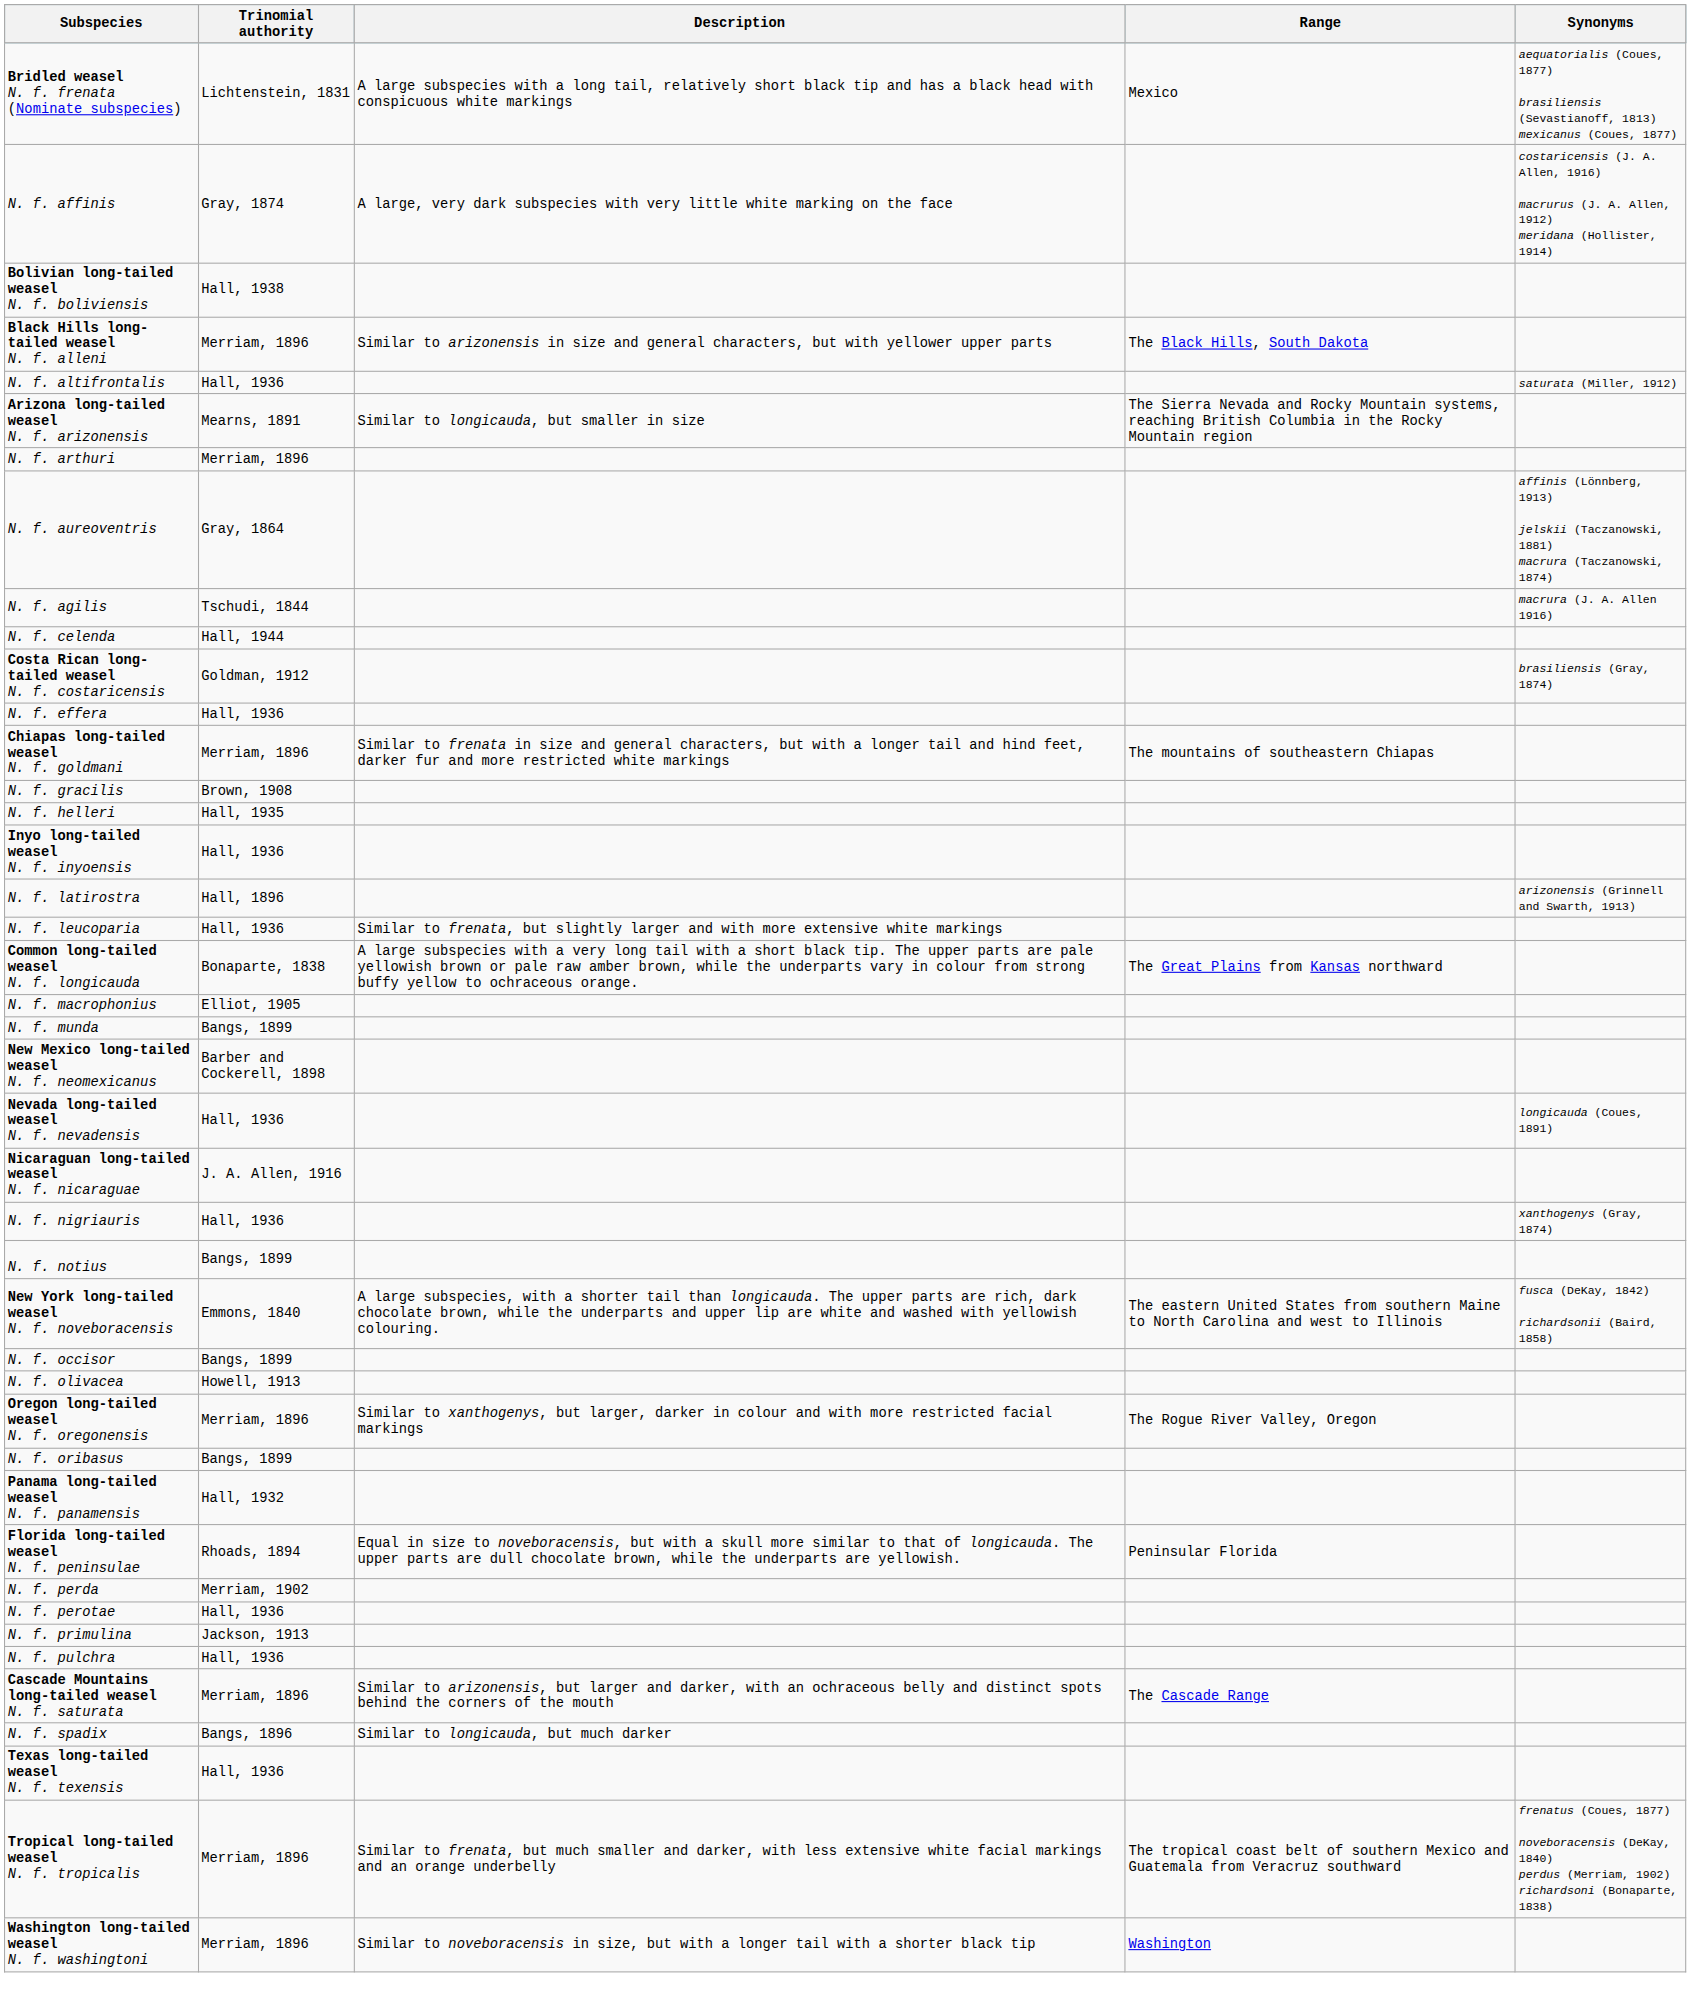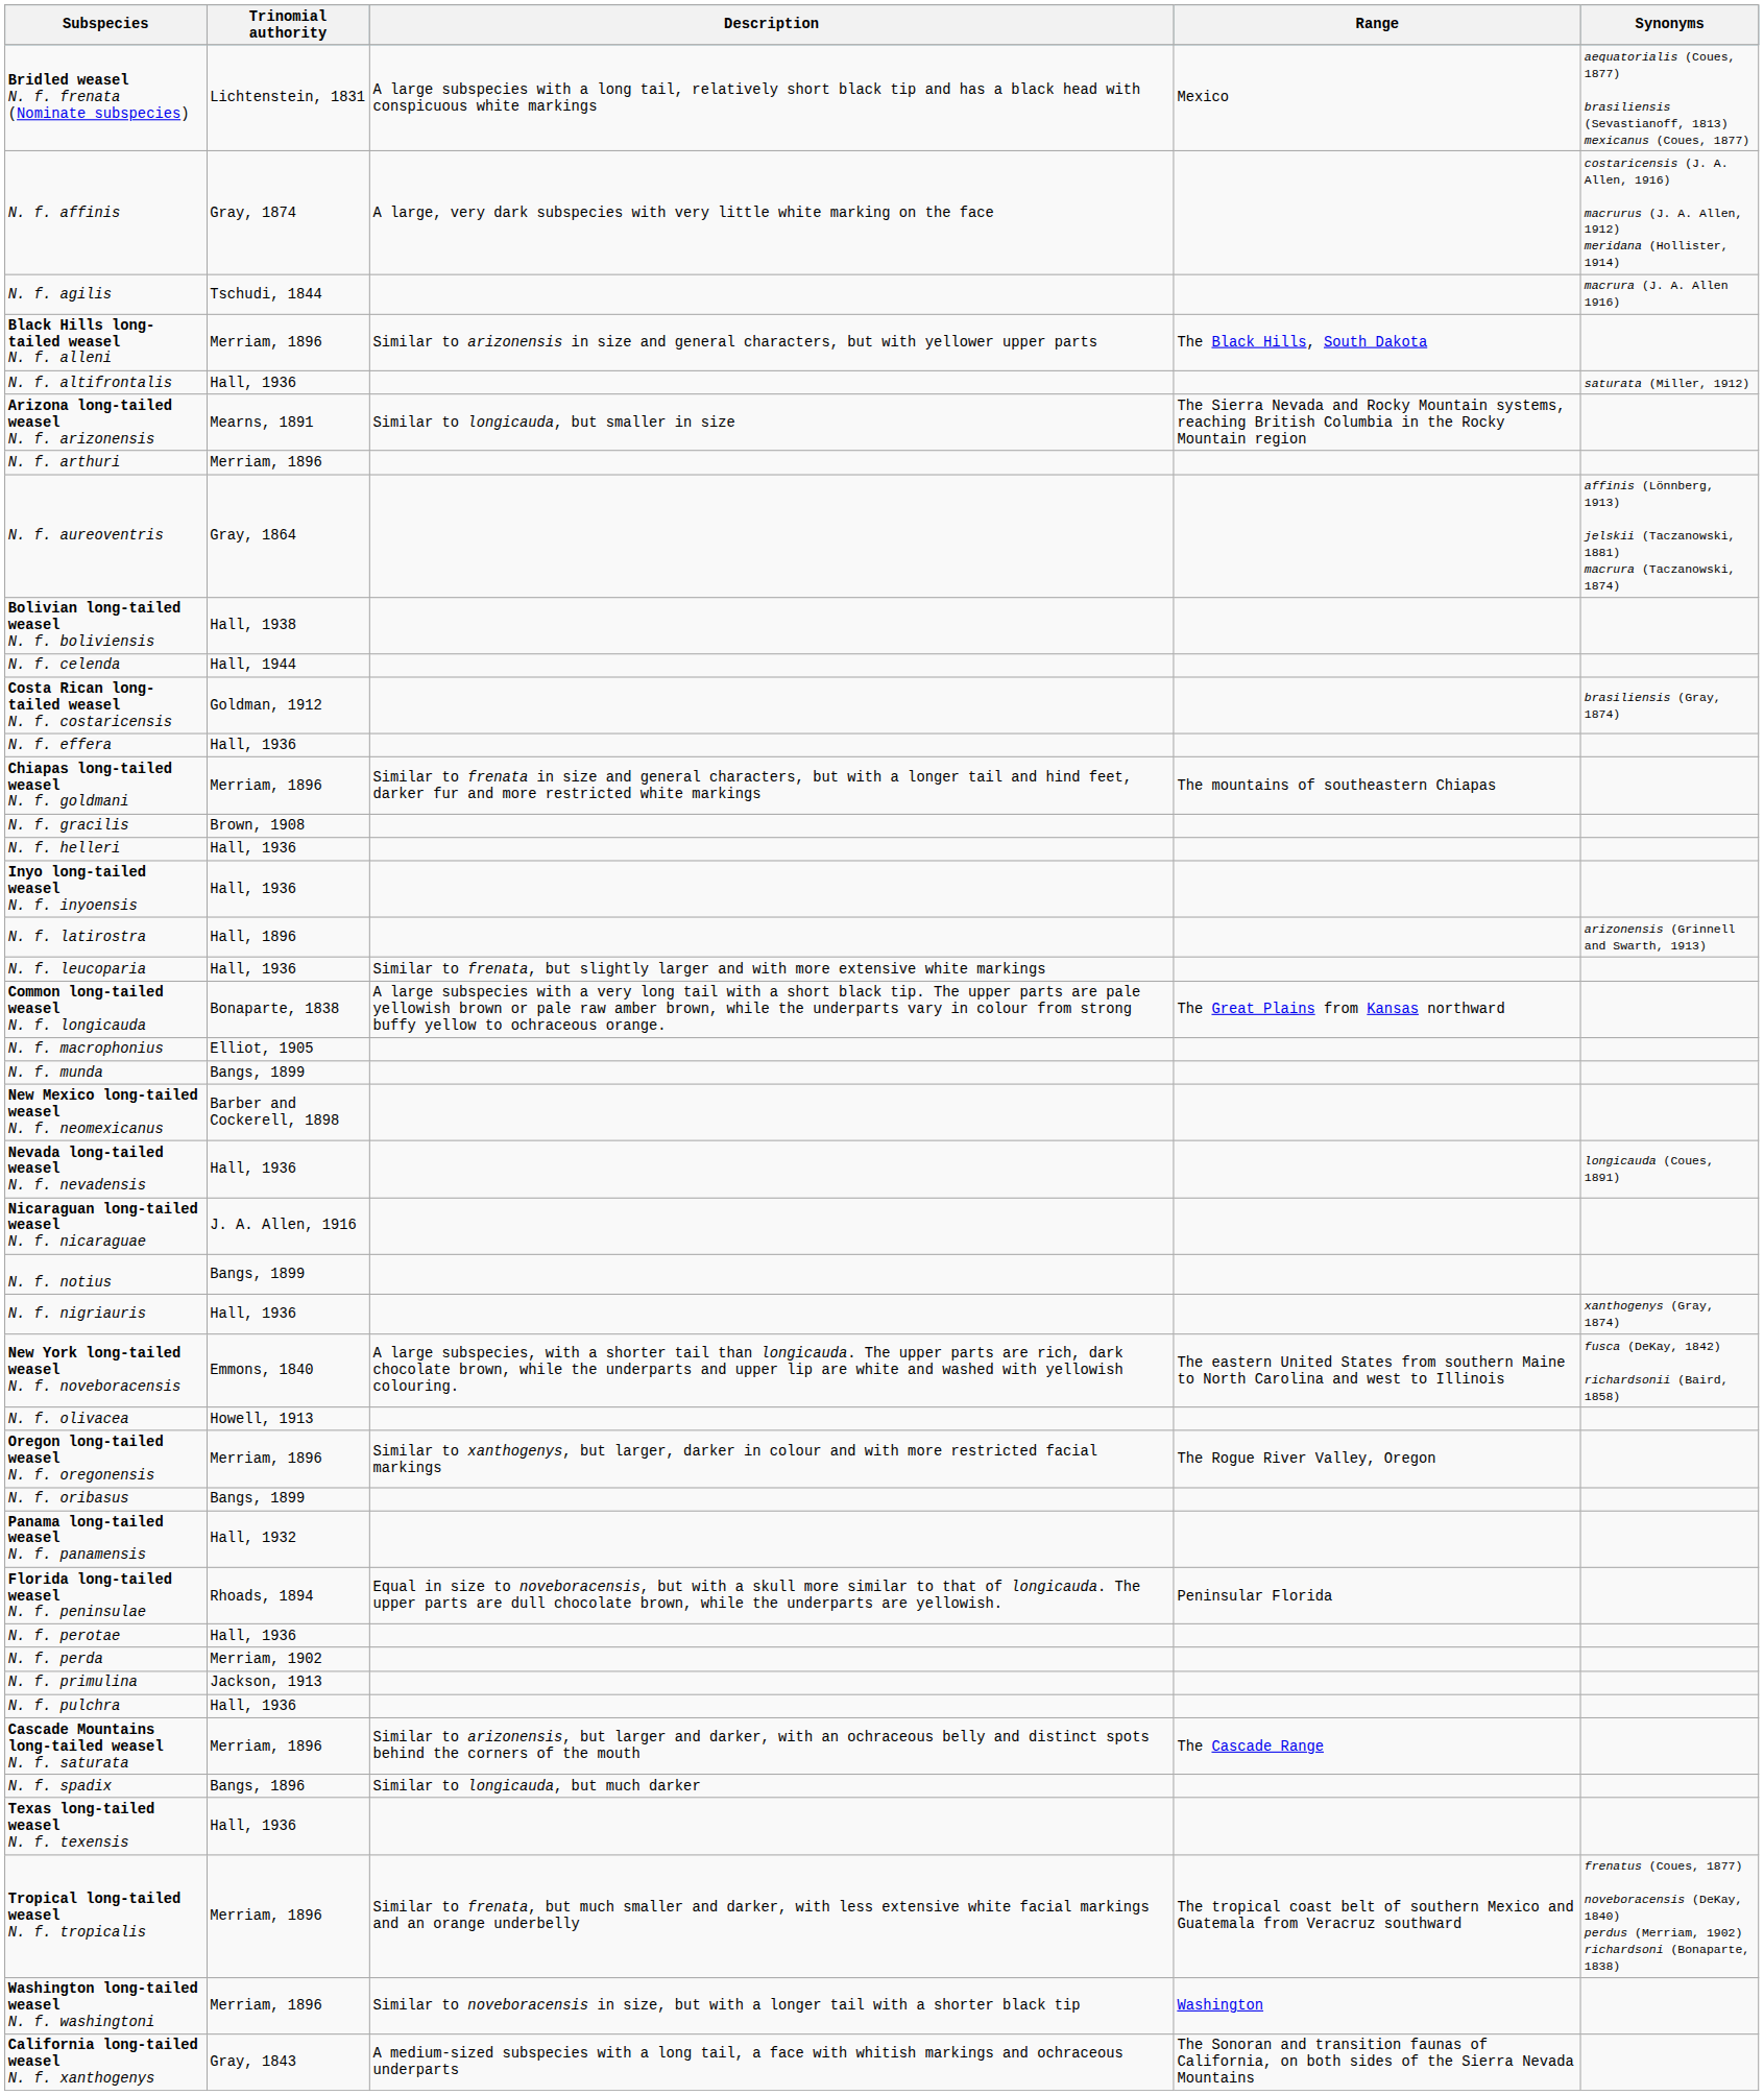 <table class="wikitable collapsible collapsed" style="width:80%;">
 <tr style="background:#115a6c;">
 <th>Subspecies</th>
 <th>Trinomial authority</th>
 <th>Description</th>
 <th>Range</th>
 <th>Synonyms</th>
 </tr>
 <tr>
 <td><strong>Bridled weasel</strong><br><em>N. f. frenata</em><br>(<a href='#'>Nominate subspecies</a>)</td>
 <td>Lichtenstein, 1831</td>
 <td>A large subspecies with a long tail, relatively short black tip and has a black head with conspicuous white markings</td>
 <td>Mexico</td>
 <td><small><em>aequatorialis</em> (Coues, 1877)</small><br><br><small><em>brasiliensis</em> (Sevastianoff, 1813)</small><br> <small><em>mexicanus</em> (Coues, 1877)</small></td>
 </tr>
 <tr>
 <td><em>N. f. affinis</em></td>
 <td>Gray, 1874</td>
 <td>A large, very dark subspecies with very little white marking on the face</td>
 <td></td>
 <td><small><em>costaricensis</em> (J. A. Allen, 1916)</small><br><br><small><em>macrurus</em> (J. A. Allen, 1912)</small><br> <small><em>meridana</em> (Hollister, 1914)</small></td>
 </tr>
 <tr>
-<td><strong>Bolivian long-tailed weasel</strong><br><em>N. f. boliviensis</em></td>
-<td>Hall, 1938</td>
+<td><em>N. f. agilis</em></td>
+<td>Tschudi, 1844</td>
 <td></td>
 <td></td>
-<td></td>
+<td><small><em>macrura</em> (J. A. Allen 1916)</small></td>
 </tr>
 <tr>
 <td><strong>Black Hills long-tailed weasel</strong><br><em>N. f. alleni</em></td>
 <td>Merriam, 1896</td>
 <td>Similar to <em>arizonensis</em> in size and general characters, but with yellower upper parts</td>
 <td>The <a href='#'>Black Hills</a>, <a href='#'>South Dakota</a></td>
 <td></td>
 </tr>
 <tr>
 <td><em>N. f. altifrontalis</em></td>
 <td>Hall, 1936</td>
 <td></td>
 <td></td>
 <td><small><em>saturata</em> (Miller, 1912)</small></td>
 </tr>
 <tr>
 <td><strong>Arizona long-tailed weasel</strong><br><em>N. f. arizonensis</em></td>
 <td>Mearns, 1891</td>
 <td>Similar to <em>longicauda</em>, but smaller in size</td>
 <td>The Sierra Nevada and Rocky Mountain systems, reaching British Columbia in the Rocky Mountain region</td>
 <td></td>
 </tr>
 <tr>
 <td><em>N. f. arthuri</em></td>
 <td>Merriam, 1896</td>
 <td></td>
 <td></td>
 <td></td>
 </tr>
 <tr>
 <td><em>N. f. aureoventris</em></td>
 <td>Gray, 1864</td>
 <td></td>
 <td></td>
 <td><small><em>affinis</em> (Lönnberg, 1913)</small><br><br><small><em>jelskii</em> (Taczanowski, 1881)</small><br> <small><em>macrura</em> (Taczanowski, 1874)</small></td>
 </tr>
 <tr>
-<td><em>N. f. agilis</em></td>
-<td>Tschudi, 1844</td>
+<td><strong>Bolivian long-tailed weasel</strong><br><em>N. f. boliviensis</em></td>
+<td>Hall, 1938</td>
 <td></td>
 <td></td>
-<td><small><em>macrura</em> (J. A. Allen 1916)</small></td>
+<td></td>
 </tr>
 <tr>
 <td><em>N. f. celenda</em></td>
 <td>Hall, 1944</td>
 <td></td>
 <td></td>
 <td></td>
 </tr>
 <tr>
 <td><strong>Costa Rican long-tailed weasel</strong><br><em>N. f. costaricensis</em></td>
 <td>Goldman, 1912</td>
 <td></td>
 <td></td>
 <td><small><em>brasiliensis</em> (Gray, 1874)</small></td>
 </tr>
 <tr>
 <td><em>N. f. effera</em></td>
 <td>Hall, 1936</td>
 <td></td>
 <td></td>
 <td></td>
 </tr>
 <tr>
 <td><strong>Chiapas long-tailed weasel</strong><br><em>N. f. goldmani</em></td>
 <td>Merriam, 1896</td>
 <td>Similar to <em>frenata</em> in size and general characters, but with a longer tail and hind feet, darker fur and more restricted white markings</td>
 <td>The mountains of southeastern Chiapas</td>
 <td></td>
 </tr>
 <tr>
 <td><em>N. f. gracilis</em></td>
 <td>Brown, 1908</td>
 <td></td>
 <td></td>
 <td></td>
 </tr>
 <tr>
 <td><em>N. f. helleri</em></td>
-<td>Hall, 1935</td>
+<td>Hall, 1936</td>
 <td></td>
 <td></td>
 <td></td>
 </tr>
 <tr>
 <td><strong>Inyo long-tailed weasel</strong><br><em>N. f. inyoensis</em></td>
 <td>Hall, 1936</td>
 <td></td>
 <td></td>
 <td></td>
 </tr>
 <tr>
 <td><em>N. f. latirostra</em></td>
 <td>Hall, 1896</td>
 <td></td>
 <td></td>
 <td><small><em>arizonensis</em> (Grinnell and Swarth, 1913)</small></td>
 </tr>
 <tr>
 <td><em>N. f. leucoparia</em></td>
 <td>Hall, 1936</td>
 <td>Similar to <em>frenata</em>, but slightly larger and with more extensive white markings</td>
 <td></td>
 <td></td>
 </tr>
 <tr>
 <td><strong>Common long-tailed weasel</strong><br><em>N. f. longicauda</em><br></td>
 <td>Bonaparte, 1838</td>
 <td>A large subspecies with a very long tail with a short black tip. The upper parts are pale yellowish brown or pale raw amber brown, while the underparts vary in colour from strong buffy yellow to ochraceous orange.</td>
 <td>The <a href='#'>Great Plains</a> from <a href='#'>Kansas</a> northward</td>
 <td></td>
 </tr>
 <tr>
 <td><em>N. f. macrophonius</em></td>
 <td>Elliot, 1905</td>
 <td></td>
 <td></td>
 <td></td>
 </tr>
 <tr>
 <td><em>N. f. munda</em></td>
 <td>Bangs, 1899</td>
 <td></td>
 <td></td>
 <td></td>
 </tr>
 <tr>
 <td><strong>New Mexico long-tailed weasel</strong><br><em>N. f. neomexicanus</em></td>
 <td>Barber and Cockerell, 1898</td>
 <td></td>
 <td></td>
 <td></td>
 </tr>
 <tr>
 <td><strong>Nevada long-tailed weasel</strong><br><em>N. f. nevadensis</em></td>
 <td>Hall, 1936</td>
 <td></td>
 <td></td>
 <td><small><em>longicauda</em> (Coues, 1891)</small><br></td>
 </tr>
 <tr>
 <td><strong>Nicaraguan long-tailed weasel</strong><br><em>N. f. nicaraguae</em></td>
 <td>J. A. Allen, 1916</td>
 <td></td>
 <td></td>
 <td></td>
 </tr>
 <tr>
+<td><br><em>N. f. notius</em></td>
+<td>Bangs, 1899</td>
+<td></td>
+<td></td>
+<td></td>
+</tr>
+<tr>
 <td><em>N. f. nigriauris</em></td>
 <td>Hall, 1936</td>
 <td></td>
 <td></td>
 <td><small><em>xanthogenys</em> (Gray, 1874)</small><br></td>
 </tr>
 <tr>
-<td><br><em>N. f. notius</em></td>
-<td>Bangs, 1899</td>
-<td></td>
-<td></td>
-<td></td>
-</tr>
-<tr>
 <td><strong>New York long-tailed weasel</strong><br><em>N. f. noveboracensis</em><br></td>
 <td>Emmons, 1840</td>
 <td>A large subspecies, with a shorter tail than <em>longicauda</em>. The upper parts are rich, dark chocolate brown, while the underparts and upper lip are white and washed with yellowish colouring.</td>
 <td>The eastern United States from southern Maine to North Carolina and west to Illinois</td>
 <td><small><em>fusca</em> (DeKay, 1842)</small><br><br><small><em>richardsonii</em> (Baird, 1858)</small></td>
-</tr>
-<tr>
-<td><em>N. f. occisor</em></td>
-<td>Bangs, 1899</td>
-<td></td>
-<td></td>
-<td></td>
 </tr>
 <tr>
 <td><em>N. f. olivacea</em></td>
 <td>Howell, 1913</td>
 <td></td>
 <td></td>
 <td></td>
 </tr>
 <tr>
 <td><strong>Oregon long-tailed weasel</strong><br><em>N. f. oregonensis</em></td>
 <td>Merriam, 1896</td>
 <td>Similar to <em>xanthogenys</em>, but larger, darker in colour and with more restricted facial markings</td>
 <td>The Rogue River Valley, Oregon</td>
 <td></td>
 </tr>
 <tr>
 <td><em>N. f. oribasus</em></td>
 <td>Bangs, 1899</td>
 <td></td>
 <td></td>
 <td></td>
 </tr>
 <tr>
 <td><strong>Panama long-tailed weasel</strong><br><em>N. f. panamensis</em></td>
 <td>Hall, 1932</td>
 <td></td>
 <td></td>
 <td></td>
 </tr>
 <tr>
 <td><strong>Florida long-tailed weasel</strong><br><em>N. f. peninsulae</em><br></td>
 <td>Rhoads, 1894</td>
 <td>Equal in size to <em>noveboracensis</em>, but with a skull more similar to that of <em>longicauda</em>. The upper parts are dull chocolate brown, while the underparts are yellowish.</td>
 <td>Peninsular Florida</td>
 <td></td>
 </tr>
 <tr>
-<td><em>N. f. perda</em></td>
-<td>Merriam, 1902</td>
+<td><em>N. f. perotae</em></td>
+<td>Hall, 1936</td>
 <td></td>
 <td></td>
 <td></td>
 </tr>
 <tr>
-<td><em>N. f. perotae</em></td>
-<td>Hall, 1936</td>
+<td><em>N. f. perda</em></td>
+<td>Merriam, 1902</td>
 <td></td>
 <td></td>
 <td></td>
 </tr>
 <tr>
 <td><em>N. f. primulina</em></td>
 <td>Jackson, 1913</td>
 <td></td>
 <td></td>
 <td></td>
 </tr>
 <tr>
 <td><em>N. f. pulchra</em></td>
 <td>Hall, 1936</td>
 <td></td>
 <td></td>
 <td></td>
 </tr>
 <tr>
 <td><strong>Cascade Mountains long-tailed weasel</strong><br><em>N. f. saturata</em></td>
 <td>Merriam, 1896</td>
 <td>Similar to <em>arizonensis</em>, but larger and darker, with an ochraceous belly and distinct spots behind the corners of the mouth</td>
 <td>The <a href='#'>Cascade Range</a></td>
 <td></td>
 </tr>
 <tr>
 <td><em>N. f. spadix</em></td>
 <td>Bangs, 1896</td>
 <td>Similar to <em>longicauda</em>, but much darker</td>
 <td></td>
 <td></td>
 </tr>
 <tr>
 <td><strong>Texas long-tailed weasel</strong><br><em>N. f. texensis</em></td>
 <td>Hall, 1936</td>
 <td></td>
 <td></td>
 <td></td>
 </tr>
 <tr>
 <td><strong>Tropical long-tailed weasel</strong><br><em>N. f. tropicalis</em><br></td>
 <td>Merriam, 1896</td>
 <td>Similar to <em>frenata</em>, but much smaller and darker, with less extensive white facial markings and an orange underbelly</td>
 <td>The tropical coast belt of southern Mexico and Guatemala from Veracruz southward</td>
 <td><small><em>frenatus</em> (Coues, 1877)</small><br><br><small><em>noveboracensis</em> (DeKay, 1840)</small><br> <small><em>perdus</em> (Merriam, 1902)</small><br> <small><em>richardsoni</em> (Bonaparte, 1838)</small></td>
 </tr>
 <tr>
 <td><strong>Washington long-tailed weasel</strong><br><em>N. f. washingtoni</em></td>
 <td>Merriam, 1896</td>
 <td>Similar to <em>noveboracensis</em> in size, but with a longer tail with a shorter black tip</td>
 <td><a href='#'>Washington</a></td>
 <td></td>
 </tr>
+<tr>
+<td><strong>California long-tailed weasel</strong><br><em>N. f. xanthogenys</em></td>
+<td>Gray, 1843</td>
+<td>A medium-sized subspecies with a long tail, a face with whitish markings and ochraceous underparts</td>
+<td>The Sonoran and transition faunas of California, on both sides of the Sierra Nevada Mountains</td>
+<td></td>
+</tr>
 </table>
